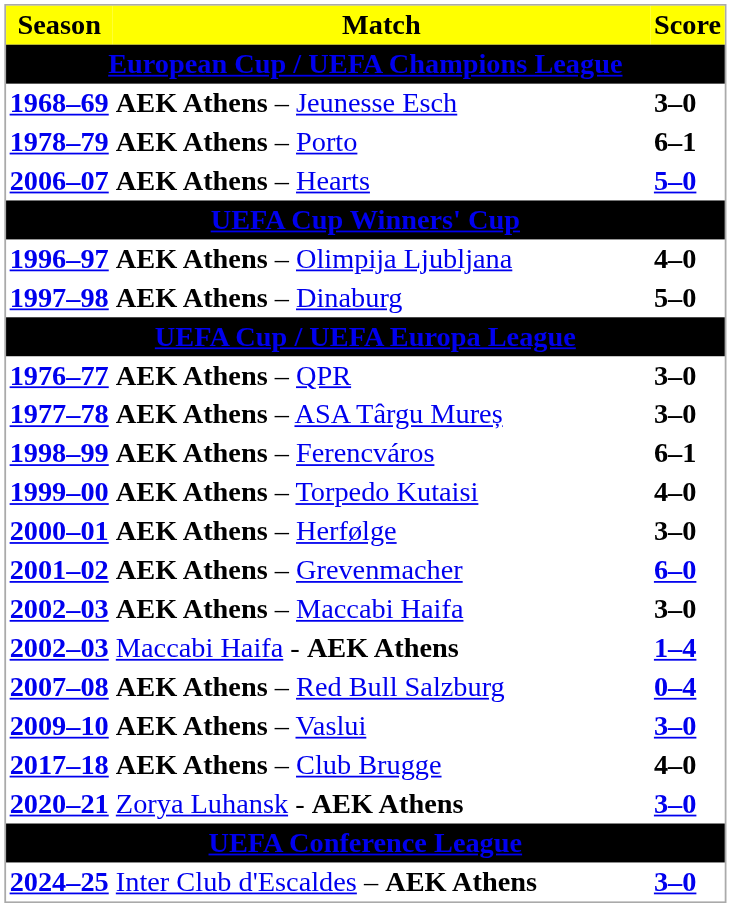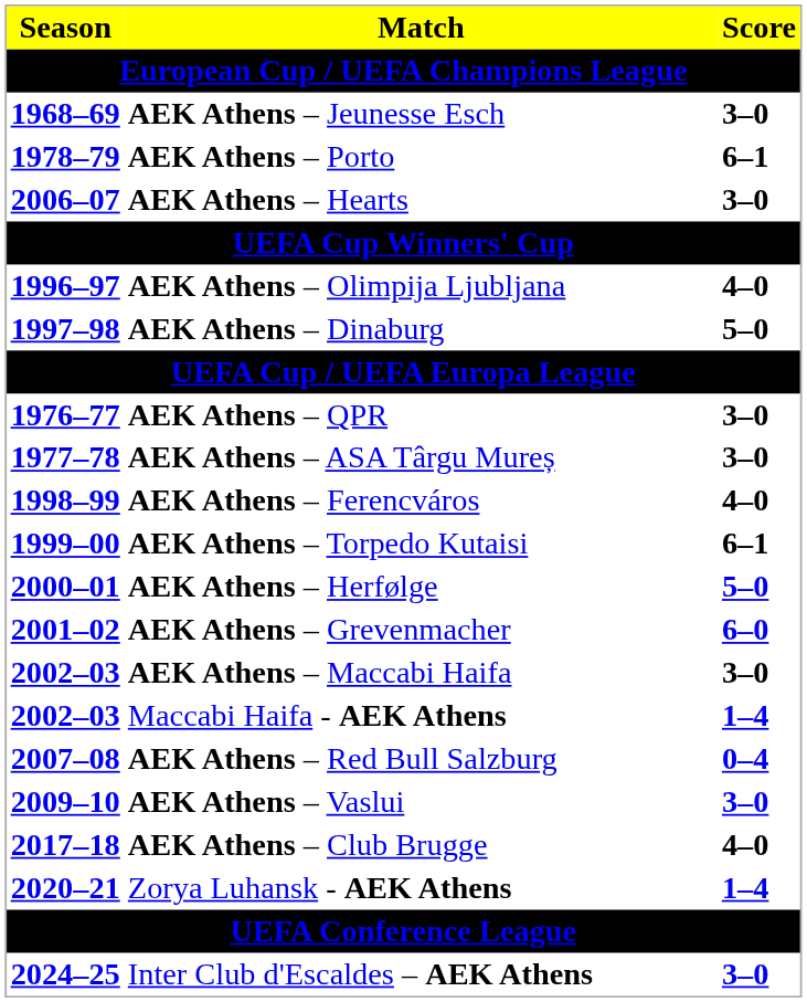 <table class="toccolours" border="0" cellpadding="2" cellspacing="0" align="center" style="margin: 0.5em 0 1em 1em; border: 1px #aaaaaa solid;">
 <tr bgcolor=#FFFF00>
 <th>Season</th>
 <th width=300>Match</th>
 <th>Score</th>
 </tr>
 <tr>
 <th colspan="4" bgcolor=#000000><a href='#'><span>European Cup / UEFA Champions League</span></a></th>
 </tr>
 <tr>
 <td><a href='#'><strong>1968–69</strong></a></td>
 <td><strong>AEK Athens</strong> –  <a href='#'>Jeunesse Esch</a></td>
 <td><strong>3–0</strong></td>
 </tr>
 <tr>
 <td><a href='#'><strong>1978–79</strong></a></td>
 <td><strong>AEK Athens</strong> –  <a href='#'>Porto</a></td>
 <td><strong>6–1</strong></td>
 </tr>
 <tr>
 <td><a href='#'><strong>2006–07</strong></a></td>
 <td><strong>AEK Athens</strong> –  <a href='#'>Hearts</a></td>
-<td><strong><a href='#'>5–0</a></strong></td>
+<td><strong>3–0</strong></td>
 </tr>
 <tr>
 <th colspan="4" bgcolor=#000000><a href='#'><span>UEFA Cup Winners' Cup</span></a></th>
 </tr>
 <tr>
 <td><a href='#'><strong>1996–97</strong></a></td>
 <td><strong>AEK Athens</strong> –  <a href='#'>Olimpija Ljubljana</a></td>
 <td><strong>4–0</strong></td>
 </tr>
 <tr>
 <td><a href='#'><strong>1997–98</strong></a></td>
 <td><strong>AEK Athens</strong> –  <a href='#'>Dinaburg</a></td>
 <td><strong>5–0</strong></td>
 </tr>
 <tr>
 <th colspan="4" bgcolor=#000000><a href='#'><span>UEFA Cup / UEFA Europa League</span></a></th>
 </tr>
 <tr>
 <td><a href='#'><strong>1976–77</strong></a></td>
 <td><strong>AEK Athens</strong> –  <a href='#'>QPR</a></td>
 <td><strong>3–0</strong></td>
 </tr>
 <tr>
 <td><a href='#'><strong>1977–78</strong></a></td>
 <td><strong>AEK Athens</strong> –  <a href='#'>ASA Târgu Mureș</a></td>
 <td><strong>3–0</strong></td>
 </tr>
 <tr>
 <td><a href='#'><strong>1998–99</strong></a></td>
 <td><strong>AEK Athens</strong> –  <a href='#'>Ferencváros</a></td>
-<td><strong>6–1</strong></td>
+<td><strong>4–0</strong></td>
 </tr>
 <tr>
 <td><a href='#'><strong>1999–00</strong></a></td>
 <td><strong>AEK Athens</strong> –  <a href='#'>Torpedo Kutaisi</a></td>
-<td><strong>4–0</strong></td>
+<td><strong>6–1</strong></td>
 </tr>
 <tr>
 <td><a href='#'><strong>2000–01</strong></a></td>
 <td><strong>AEK Athens</strong> –  <a href='#'>Herfølge</a></td>
-<td><strong>3–0</strong></td>
+<td><strong><a href='#'>5–0</a></strong></td>
 </tr>
 <tr>
 <td><a href='#'><strong>2001–02</strong></a></td>
 <td><strong>AEK Athens</strong> –  <a href='#'>Grevenmacher</a></td>
 <td><strong><a href='#'>6–0</a></strong></td>
 </tr>
 <tr>
 <td><a href='#'><strong>2002–03</strong></a></td>
 <td><strong>AEK Athens</strong> –  <a href='#'>Maccabi Haifa</a></td>
 <td><strong>3–0</strong></td>
 </tr>
 <tr>
 <td><a href='#'><strong>2002–03</strong></a></td>
 <td> <a href='#'>Maccabi Haifa</a> - <strong>AEK Athens</strong></td>
 <td><strong><a href='#'>1–4</a></strong></td>
 </tr>
 <tr>
 <td><a href='#'><strong>2007–08</strong></a></td>
 <td><strong>AEK Athens</strong> –  <a href='#'>Red Bull Salzburg</a></td>
 <td><strong><a href='#'>0–4</a></strong></td>
 </tr>
 <tr>
 <td><a href='#'><strong>2009–10</strong></a></td>
 <td><strong>AEK Athens</strong> –  <a href='#'>Vaslui</a></td>
 <td><strong><a href='#'>3–0</a></strong></td>
 </tr>
 <tr>
 <td><a href='#'><strong>2017–18</strong></a></td>
 <td><strong>AEK Athens</strong> –  <a href='#'>Club Brugge</a></td>
 <td><strong>4–0</strong></td>
 </tr>
 <tr>
 <td><a href='#'><strong>2020–21</strong></a></td>
 <td> <a href='#'>Zorya Luhansk</a> - <strong>AEK Athens</strong></td>
-<td><strong><a href='#'>3–0</a></strong></td>
+<td><strong><a href='#'>1–4</a></strong></td>
 </tr>
 <tr>
 <th colspan="4" bgcolor=#000000><a href='#'><span>UEFA Conference League</span></a></th>
 </tr>
 <tr>
 <td><a href='#'><strong>2024–25</strong></a></td>
 <td> <a href='#'>Inter Club d'Escaldes</a> – <strong>AEK Athens</strong></td>
 <td><strong><a href='#'>3–0</a></strong></td>
 </tr>
 </table>
